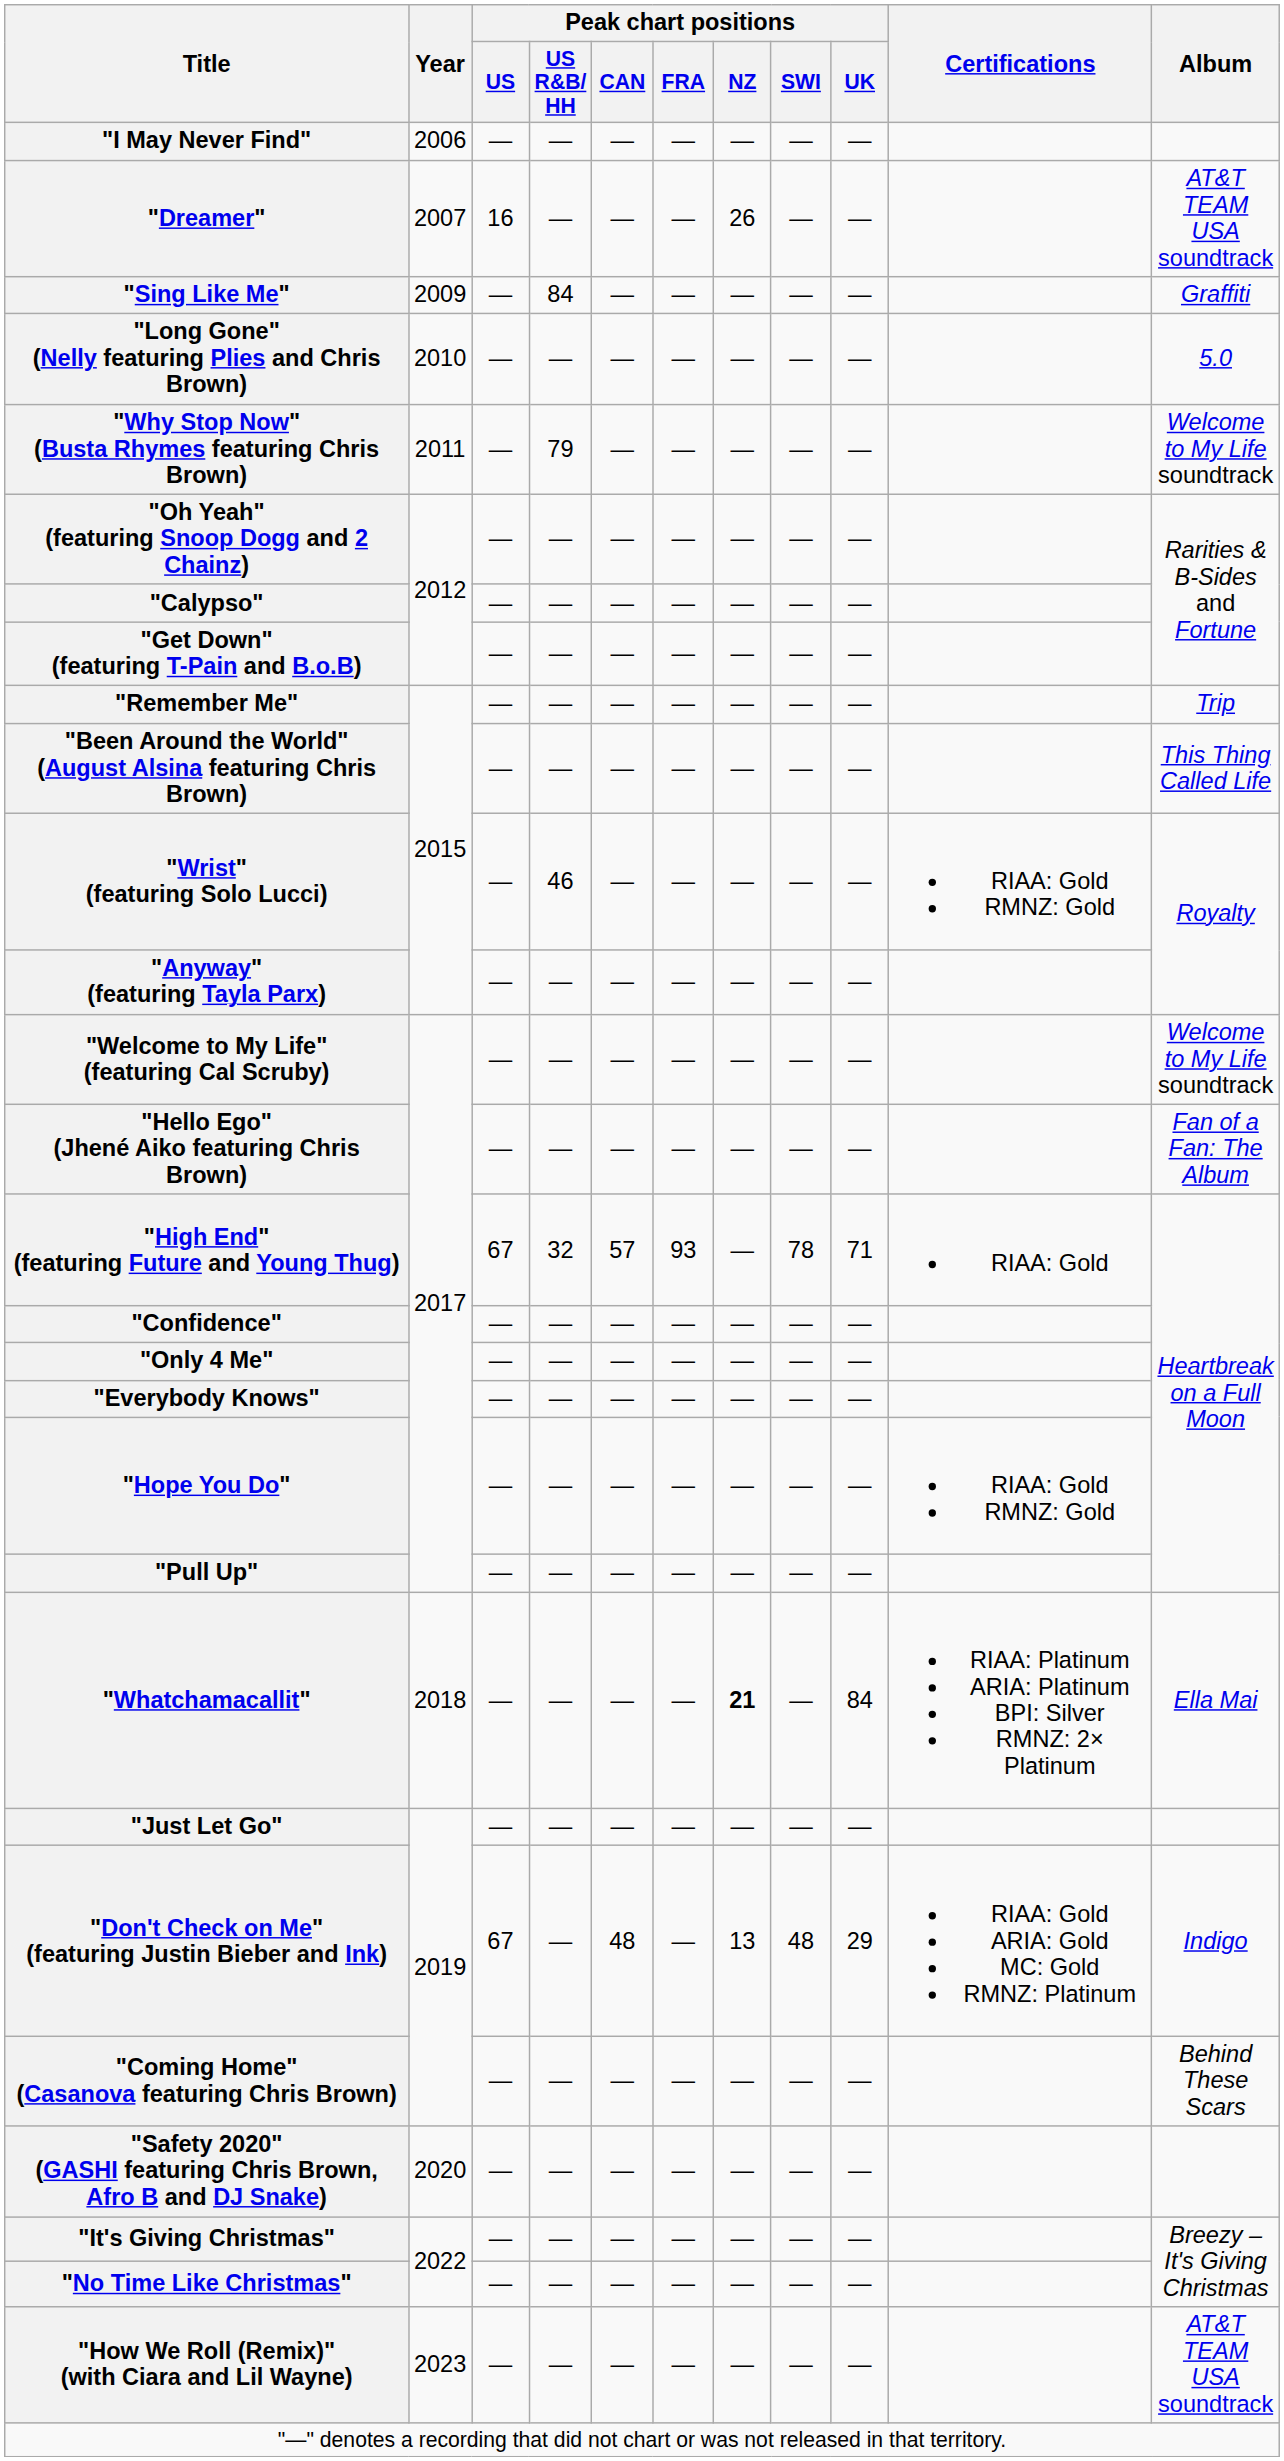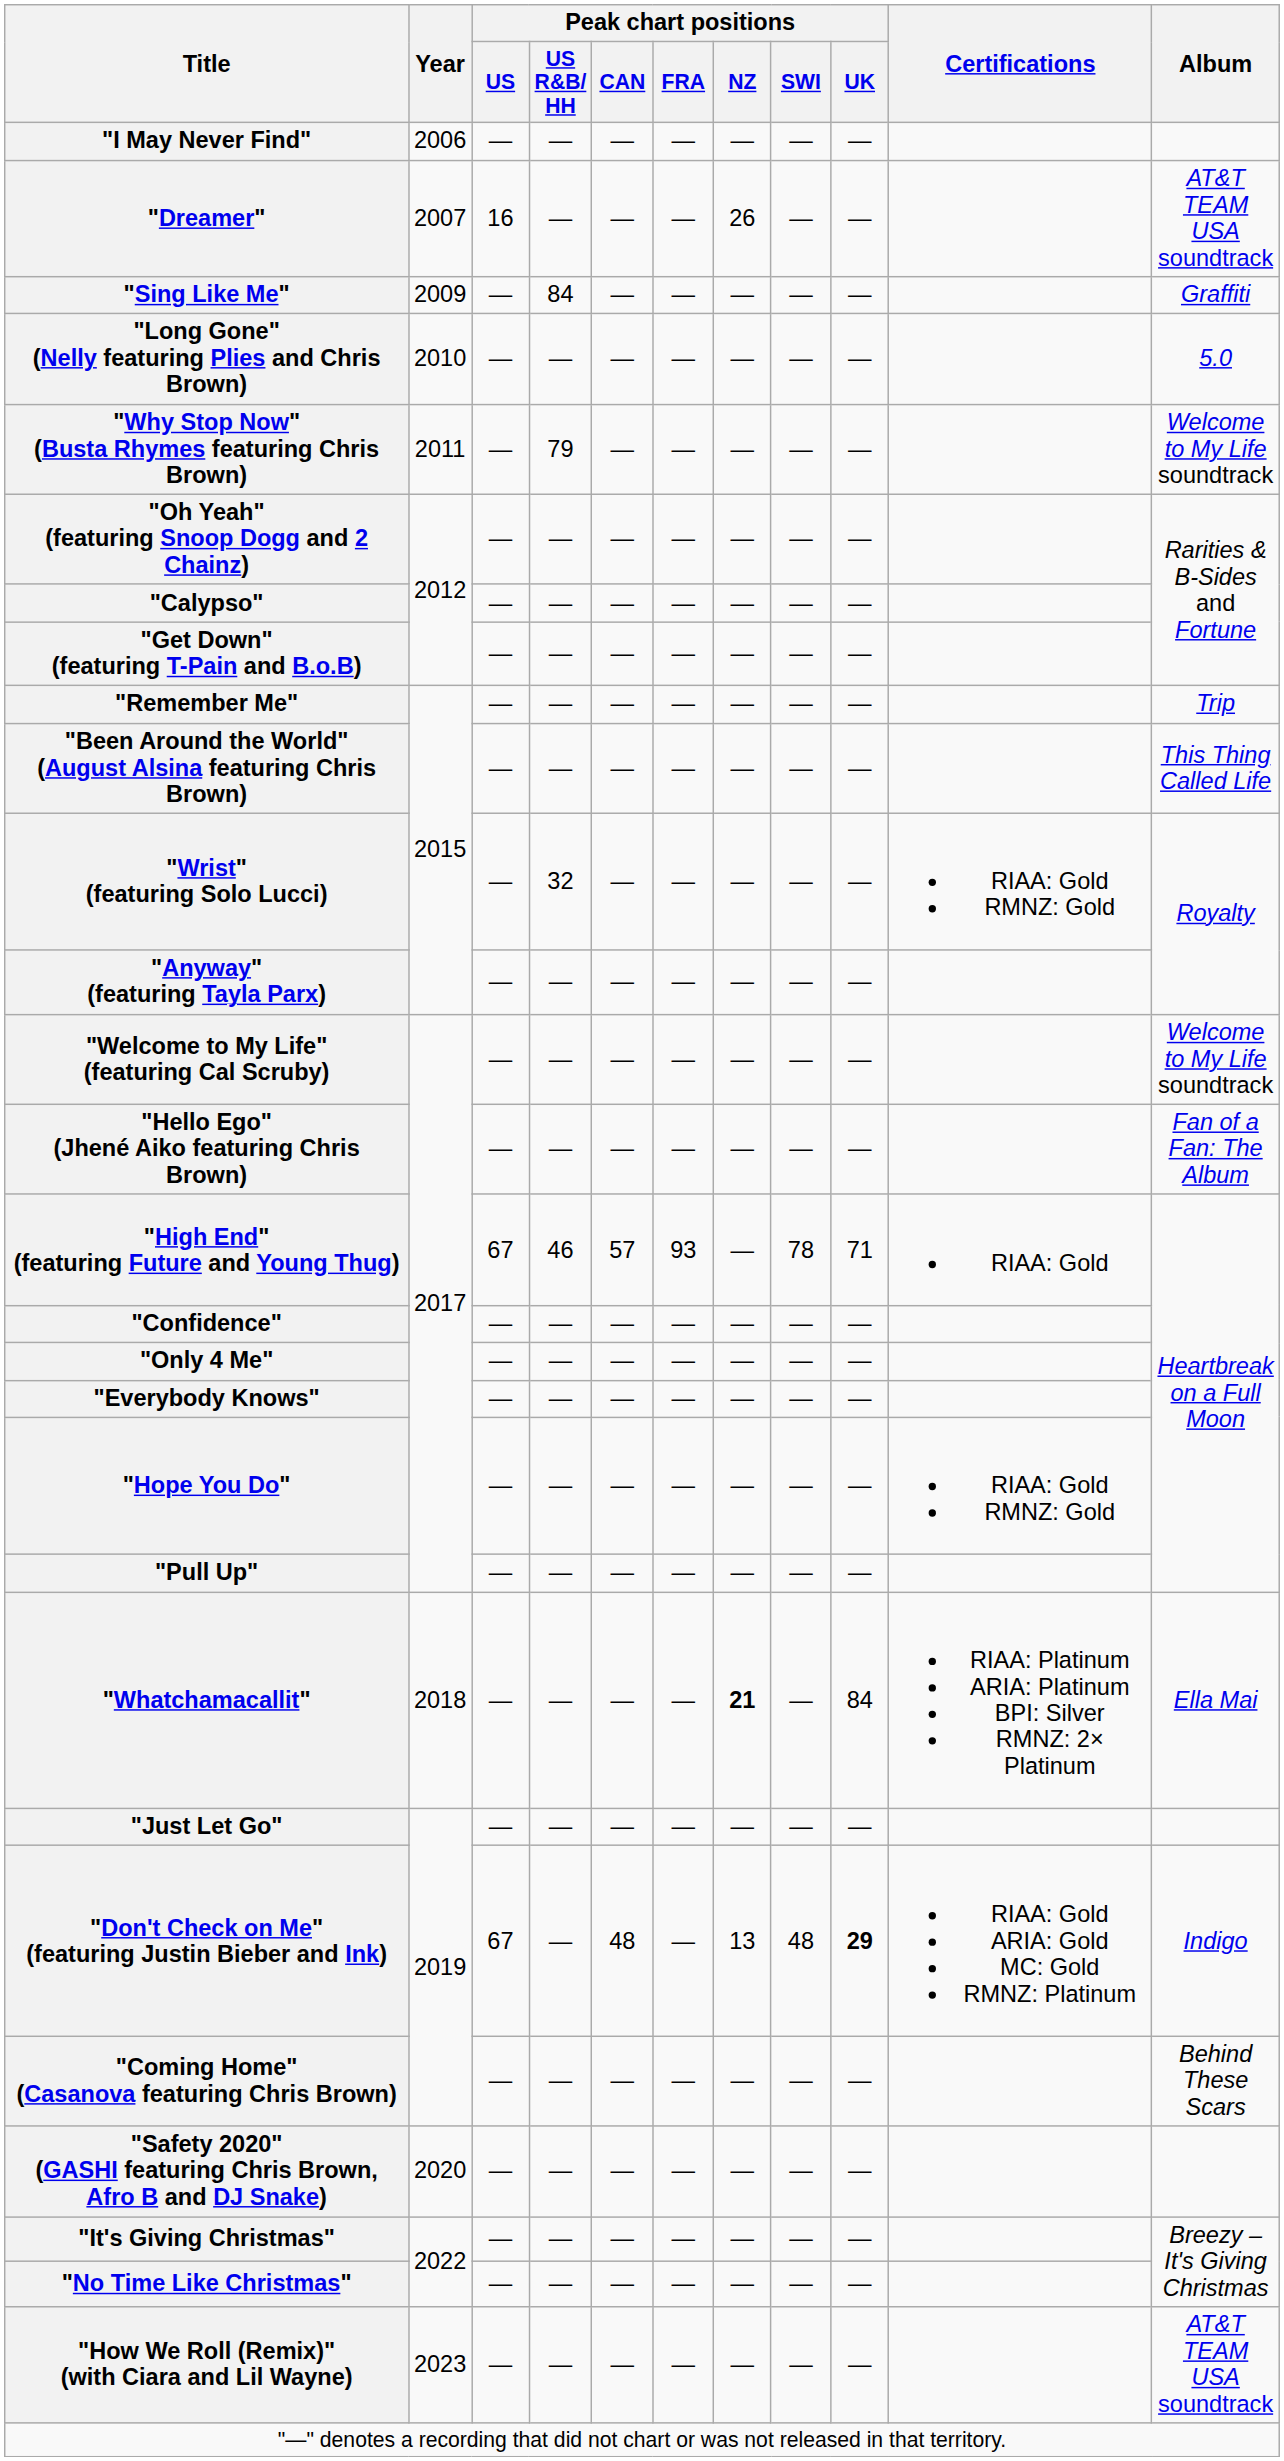 <table class="wikitable plainrowheaders" style="text-align:center;">
 <tr>
 <th scope="col" rowspan="2" style="width:19em;">Title</th>
 <th scope="col" rowspan="2">Year</th>
 <th scope="col" colspan="7">Peak chart positions</th>
 <th scope="col" rowspan="2" style="width:12em;"><a href='#'>Certifications</a></th>
 <th scope="col" rowspan="2">Album</th>
 </tr>
 <tr>
 <th scope="col" style="width:2.5em;font-size:90%;"><a href='#'>US</a><br></th>
 <th scope="col" style="width:2.5em;font-size:90%;"><a href='#'>US<br>R&B/<br>HH</a><br></th>
 <th scope="col" style="width:2.5em;font-size:90%;"><a href='#'>CAN</a><br></th>
 <th scope="col" style="width:2.5em;font-size:90%;"><a href='#'>FRA</a><br></th>
 <th scope="col" style="width:2.5em;font-size:90%;"><a href='#'>NZ</a><br></th>
 <th scope="col" style="width:2.5em;font-size:90%;"><a href='#'>SWI</a><br></th>
 <th scope="col" style="width:2.5em;font-size:90%;"><a href='#'>UK</a><br></th>
 </tr>
 <tr>
 <th scope="row">"I May Never Find"</th>
 <td>2006</td>
 <td>—</td>
 <td>—</td>
 <td>—</td>
 <td>—</td>
 <td>—</td>
 <td>—</td>
 <td>—</td>
 <td></td>
 <td></td>
 </tr>
 <tr>
 <th scope="row">"<a href='#'>Dreamer</a>"</th>
 <td>2007</td>
 <td>16</td>
 <td>—</td>
 <td>—</td>
 <td>—</td>
 <td>26</td>
 <td>—</td>
 <td>—</td>
 <td></td>
 <td><a href='#'><em>AT&T TEAM USA</em> soundtrack</a></td>
 </tr>
 <tr>
 <th scope="row">"<a href='#'>Sing Like Me</a>"</th>
 <td>2009</td>
 <td>—</td>
 <td>84</td>
 <td>—</td>
 <td>—</td>
 <td>—</td>
 <td>—</td>
 <td>—</td>
 <td></td>
 <td><em><a href='#'>Graffiti</a></em></td>
 </tr>
 <tr>
 <th scope="row">"Long Gone"<br><span>(<a href='#'>Nelly</a> featuring <a href='#'>Plies</a> and Chris Brown)</span></th>
 <td>2010</td>
 <td>—</td>
 <td>—</td>
 <td>—</td>
 <td>—</td>
 <td>—</td>
 <td>—</td>
 <td>—</td>
 <td></td>
 <td><em><a href='#'>5.0</a></em></td>
 </tr>
 <tr>
 <th scope="row">"<a href='#'>Why Stop Now</a>"<br><span>(<a href='#'>Busta Rhymes</a> featuring Chris Brown)</span></th>
 <td>2011</td>
 <td>—</td>
 <td>79</td>
 <td>—</td>
 <td>—</td>
 <td>—</td>
 <td>—</td>
 <td>—</td>
 <td></td>
 <td><em><a href='#'>Welcome to My Life</a></em> soundtrack</td>
 </tr>
 <tr>
 <th scope="row">"Oh Yeah"<br><span>(featuring <a href='#'>Snoop Dogg</a> and <a href='#'>2 Chainz</a>)</span></th>
 <td rowspan="3">2012</td>
 <td>—</td>
 <td>—</td>
 <td>—</td>
 <td>—</td>
 <td>—</td>
 <td>—</td>
 <td>—</td>
 <td></td>
 <td rowspan="3"><em>Rarities & B-Sides</em> and <em><a href='#'>Fortune</a></em></td>
 </tr>
 <tr>
 <th scope="row">"Calypso"</th>
 <td>—</td>
 <td>—</td>
 <td>—</td>
 <td>—</td>
 <td>—</td>
 <td>—</td>
 <td>—</td>
 <td></td>
 </tr>
 <tr>
 <th scope="row">"Get Down"<br><span>(featuring <a href='#'>T-Pain</a> and <a href='#'>B.o.B</a>)</span></th>
 <td>—</td>
 <td>—</td>
 <td>—</td>
 <td>—</td>
 <td>—</td>
 <td>—</td>
 <td>—</td>
 <td></td>
 </tr>
 <tr>
 <th scope="row">"Remember Me"<br></th>
 <td rowspan="4">2015</td>
 <td>—</td>
 <td>—</td>
 <td>—</td>
 <td>—</td>
 <td>—</td>
 <td>—</td>
 <td>—</td>
 <td></td>
 <td><em><a href='#'>Trip</a></em></td>
 </tr>
 <tr>
 <th scope="row">"Been Around the World"<br><span>(<a href='#'>August Alsina</a> featuring Chris Brown)</span></th>
 <td>—</td>
 <td>—</td>
 <td>—</td>
 <td>—</td>
 <td>—</td>
 <td>—</td>
 <td>—</td>
 <td></td>
 <td><em><a href='#'>This Thing Called Life</a></em></td>
 </tr>
 <tr>
 <th scope="row">"<a href='#'>Wrist</a>"<br><span>(featuring Solo Lucci)</span></th>
 <td>—</td>
-<td>46</td>
+<td>32</td>
 <td>—</td>
 <td>—</td>
 <td>—</td>
 <td>—</td>
 <td>—</td>
 <td><br><ul><li>RIAA: Gold</li><li>RMNZ: Gold</li></ul></td>
 <td rowspan="2"><em><a href='#'>Royalty</a></em></td>
 </tr>
 <tr>
 <th scope="row">"<a href='#'>Anyway</a>"<br><span>(featuring <a href='#'>Tayla Parx</a>)</span></th>
 <td>—</td>
 <td>—</td>
 <td>—</td>
 <td>—</td>
 <td>—</td>
 <td>—</td>
 <td>—</td>
 </tr>
 <tr>
 <th scope="row">"Welcome to My Life"<br><span>(featuring Cal Scruby)</span></th>
 <td rowspan="8">2017</td>
 <td>—</td>
 <td>—</td>
 <td>—</td>
 <td>—</td>
 <td>—</td>
 <td>—</td>
 <td>—</td>
 <td></td>
 <td><em><a href='#'>Welcome to My Life</a></em> soundtrack</td>
 </tr>
 <tr>
 <th scope="row">"Hello Ego"<br><span>(Jhené Aiko featuring Chris Brown)</span></th>
 <td>—</td>
 <td>—</td>
 <td>—</td>
 <td>—</td>
 <td>—</td>
 <td>—</td>
 <td>—</td>
 <td></td>
 <td><em><a href='#'>Fan of a Fan: The Album</a></em></td>
 </tr>
 <tr>
 <th scope="row">"<a href='#'>High End</a>"<br><span>(featuring <a href='#'>Future</a> and <a href='#'>Young Thug</a>)</span></th>
 <td>67</td>
-<td>32</td>
+<td>46</td>
 <td>57</td>
 <td>93</td>
 <td>—</td>
 <td>78</td>
 <td>71</td>
 <td><br><ul><li>RIAA: Gold</li></ul></td>
 <td rowspan="6"><em><a href='#'>Heartbreak on a Full Moon</a></em></td>
 </tr>
 <tr>
 <th scope="row">"Confidence"</th>
 <td>—</td>
 <td>—</td>
 <td>—</td>
 <td>—</td>
 <td>—</td>
 <td>—</td>
 <td>—</td>
 <td></td>
 </tr>
 <tr>
 <th scope="row">"Only 4 Me"<br></th>
 <td>—</td>
 <td>—</td>
 <td>—</td>
 <td>—</td>
 <td>—</td>
 <td>—</td>
 <td>—</td>
 <td></td>
 </tr>
 <tr>
 <th scope="row">"Everybody Knows"</th>
 <td>—</td>
 <td>—</td>
 <td>—</td>
 <td>—</td>
 <td>—</td>
 <td>—</td>
 <td>—</td>
 <td></td>
 </tr>
 <tr>
 <th scope="row">"<a href='#'>Hope You Do</a>"</th>
 <td>—</td>
 <td>—</td>
 <td>—</td>
 <td>—</td>
 <td>—</td>
 <td>—</td>
 <td>—</td>
 <td><br><ul><li>RIAA: Gold</li><li>RMNZ: Gold</li></ul></td>
 </tr>
 <tr>
 <th scope="row">"Pull Up"</th>
 <td>—</td>
 <td>—</td>
 <td>—</td>
 <td>—</td>
 <td>—</td>
 <td>—</td>
 <td>—</td>
 <td></td>
 </tr>
 <tr>
 <th scope="row">"<a href='#'>Whatchamacallit</a>"<br></th>
 <td>2018</td>
 <td>—</td>
 <td>—</td>
 <td>—</td>
 <td>—</td>
 <td><strong>21</strong></td>
 <td>—</td>
 <td>84</td>
 <td><br><ul><li>RIAA: Platinum</li><li>ARIA: Platinum</li><li>BPI: Silver</li><li>RMNZ: 2× Platinum</li></ul></td>
 <td><em><a href='#'>Ella Mai</a></em></td>
 </tr>
 <tr>
 <th scope="row">"Just Let Go"<br></th>
 <td rowspan="3">2019</td>
 <td>—</td>
 <td>—</td>
 <td>—</td>
 <td>—</td>
 <td>—</td>
 <td>—</td>
 <td>—</td>
 <td></td>
 <td></td>
 </tr>
 <tr>
 <th scope="row">"<a href='#'>Don't Check on Me</a>"<br><span>(featuring Justin Bieber and <a href='#'>Ink</a>)</span></th>
 <td>67</td>
 <td>—</td>
 <td>48</td>
 <td>—</td>
 <td>13</td>
 <td>48</td>
-<td>29</td>
+<td><strong>29</strong></td>
 <td><br><ul><li>RIAA: Gold</li><li>ARIA: Gold</li><li>MC: Gold</li><li>RMNZ: Platinum</li></ul></td>
 <td><em><a href='#'>Indigo</a></em></td>
 </tr>
 <tr>
 <th scope="row">"Coming Home"<br><span>(<a href='#'>Casanova</a> featuring Chris Brown)</span></th>
 <td>—</td>
 <td>—</td>
 <td>—</td>
 <td>—</td>
 <td>—</td>
 <td>—</td>
 <td>—</td>
 <td></td>
 <td><em>Behind These Scars</em></td>
 </tr>
 <tr>
 <th scope="row">"Safety 2020"<br><span>(<a href='#'>GASHI</a> featuring Chris Brown, <a href='#'>Afro B</a> and <a href='#'>DJ Snake</a>)</span></th>
 <td>2020</td>
 <td>—</td>
 <td>—</td>
 <td>—</td>
 <td>—</td>
 <td>—</td>
 <td>—</td>
 <td>—</td>
 <td></td>
 <td></td>
 </tr>
 <tr>
 <th scope="row">"It's Giving Christmas"</th>
 <td rowspan="2">2022</td>
 <td>—</td>
 <td>—</td>
 <td>—</td>
 <td>—</td>
 <td>—</td>
 <td>—</td>
 <td>—</td>
 <td></td>
 <td rowspan="2"><em>Breezy – It's Giving Christmas</em></td>
 </tr>
 <tr>
 <th scope="row">"<a href='#'>No Time Like Christmas</a>"</th>
 <td>—</td>
 <td>—</td>
 <td>—</td>
 <td>—</td>
 <td>—</td>
 <td>—</td>
 <td>—</td>
 <td></td>
 </tr>
 <tr>
 <th scope="row">"How We Roll (Remix)"<br><span>(with Ciara and Lil Wayne)</span></th>
 <td>2023</td>
 <td>—</td>
 <td>—</td>
 <td>—</td>
 <td>—</td>
 <td>—</td>
 <td>—</td>
 <td>—</td>
 <td></td>
 <td><a href='#'><em>AT&T TEAM USA</em> soundtrack</a></td>
 </tr>
 <tr>
 <td colspan="14" style="font-size:90%">"—" denotes a recording that did not chart or was not released in that territory.</td>
 </tr>
 </table>
